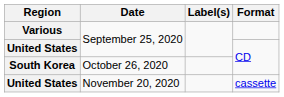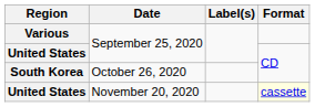 <table class="wikitable plainrowheaders" border="1">
 <tr>
 <th scope="col">Region</th>
 <th scope="col">Date</th>
 <th scope="col">Label(s)</th>
 <th scope="col">Format</th>
 </tr>
 <tr>
 <th scope="row">Various</th>
 <td rowspan="2">September 25, 2020</td>
 <td rowspan="2"></td>
 <td></td>
 </tr>
 <tr>
 <th scope="row">United States</th>
 <td rowspan="2"><a href='#'>CD</a></td>
 </tr>
 <tr>
 <th scope="row">South Korea</th>
 <td>October 26, 2020</td>
 <td></td>
 </tr>
 <tr>
 <th scope="row">United States</th>
 <td>November 20, 2020</td>
 <td></td>
-<td><a href='#'> cassette</a></td>
+<td style="background: lightyellow;"><a href='#'> cassette</a></td>
 </tr>
 </table>
